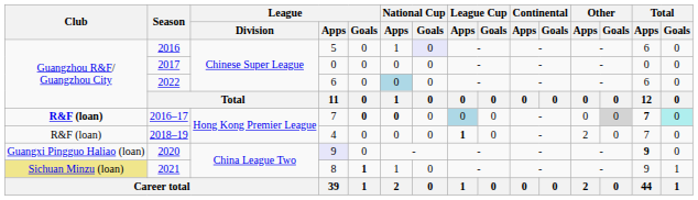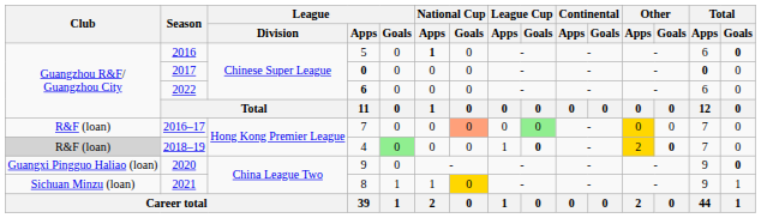 <table class="wikitable" style="text-align: center">
 <tr>
 <th rowspan="2">Club</th>
 <th rowspan="2">Season</th>
 <th colspan="3">League</th>
 <th colspan="2">National Cup</th>
 <th colspan="2">League Cup</th>
 <th colspan="2">Continental</th>
 <th colspan="2">Other</th>
 <th colspan="2">Total</th>
 </tr>
 <tr>
 <th>Division</th>
 <th>Apps</th>
 <th>Goals</th>
 <th>Apps</th>
 <th>Goals</th>
 <th>Apps</th>
 <th>Goals</th>
 <th>Apps</th>
 <th>Goals</th>
 <th>Apps</th>
 <th>Goals</th>
 <th>Apps</th>
 <th>Goals</th>
 </tr>
 <tr>
 <td rowspan=4><a href='#'>Guangzhou R&F</a>/ <br><a href='#'>Guangzhou City</a></td>
 <td><a href='#'>2016</a></td>
 <td rowspan=3><a href='#'>Chinese Super League</a></td>
 <td>5</td>
 <td>0</td>
-<td>1</td>
-<td style="background: lavender;">0</td>
+<td><strong>1</strong></td>
+<td>0</td>
 <td colspan="2">-</td>
 <td colspan="2">-</td>
 <td colspan="2">-</td>
 <td>6</td>
-<td>0</td>
+<td><strong>0</strong></td>
 </tr>
 <tr>
 <td><a href='#'>2017</a></td>
-<td>0</td>
+<td><strong>0</strong></td>
 <td>0</td>
 <td>0</td>
 <td>0</td>
 <td colspan="2">-</td>
 <td colspan="2">-</td>
 <td colspan="2">-</td>
-<td>0</td>
+<td><strong>0</strong></td>
 <td>0</td>
 </tr>
 <tr>
 <td><a href='#'>2022</a></td>
-<td>6</td>
+<td><strong>6</strong></td>
 <td>0</td>
-<td style="background: lightblue;">0</td>
+<td>0</td>
 <td>0</td>
 <td colspan="2">-</td>
 <td colspan="2">-</td>
 <td colspan="2">-</td>
 <td>6</td>
 <td>0</td>
 </tr>
 <tr>
 <th colspan="2"><strong>Total</strong></th>
 <th>11</th>
 <th>0</th>
 <th>1</th>
 <th>0</th>
 <th>0</th>
 <th>0</th>
 <th>0</th>
 <th>0</th>
 <th>0</th>
 <th>0</th>
 <th>12</th>
 <th>0</th>
 </tr>
 <tr>
-<td><strong><a href='#'>R&F</a> (loan)</strong></td>
+<td><a href='#'>R&F</a> (loan)</td>
 <td><a href='#'>2016–17</a></td>
 <td rowspan=2><a href='#'>Hong Kong Premier League</a></td>
 <td>7</td>
-<td><strong>0</strong></td>
-<td><strong>0</strong></td>
 <td>0</td>
-<td style="background: lightblue;">0</td>
 <td>0</td>
+<td style="background: lightsalmon;">0</td>
+<td>0</td>
+<td style="background: lightgreen;">0</td>
 <td colspan="2">-</td>
+<td style="background: gold;">0</td>
 <td>0</td>
-<td style="background: lightgrey;">0</td>
-<td><strong>7</strong></td>
-<td style="background: paleturquoise;">0</td>
+<td>7</td>
+<td>0</td>
 </tr>
 <tr>
-<td>R&F (loan)</td>
+<td style="background: lightgrey;">R&F (loan)</td>
 <td><a href='#'>2018–19</a></td>
 <td>4</td>
+<td style="background: lightgreen;">0</td>
 <td>0</td>
 <td>0</td>
-<td>0</td>
-<td><strong>1</strong></td>
-<td>0</td>
+<td>1</td>
+<td><strong>0</strong></td>
 <td colspan="2">-</td>
-<td>2</td>
-<td>0</td>
+<td style="background: gold;">2</td>
+<td><strong>0</strong></td>
 <td>7</td>
 <td>0</td>
 </tr>
 <tr>
 <td><a href='#'>Guangxi Pingguo Haliao</a> (loan)</td>
 <td><a href='#'>2020</a></td>
 <td rowspan=2><a href='#'>China League Two</a></td>
-<td style="background: lavender;">9</td>
+<td>9</td>
 <td>0</td>
 <td colspan="2">-</td>
 <td colspan="2">-</td>
 <td colspan="2">-</td>
 <td colspan="2">-</td>
-<td><strong>9</strong></td>
-<td>0</td>
+<td>9</td>
+<td><strong>0</strong></td>
 </tr>
 <tr>
-<td style="background: khaki;"><a href='#'>Sichuan Minzu</a> (loan)</td>
+<td><a href='#'>Sichuan Minzu</a> (loan)</td>
 <td><a href='#'>2021</a></td>
 <td>8</td>
-<td><strong>1</strong></td>
 <td>1</td>
-<td>0</td>
+<td>1</td>
+<td style="background: gold;">0</td>
 <td colspan="2">-</td>
 <td colspan="2">-</td>
 <td colspan="2">-</td>
 <td>9</td>
 <td>1</td>
 </tr>
 <tr>
 <th colspan=3>Career total</th>
 <th>39</th>
 <th>1</th>
 <th>2</th>
 <th>0</th>
 <th>1</th>
 <th>0</th>
 <th>0</th>
 <th>0</th>
 <th>2</th>
 <th>0</th>
 <th>44</th>
 <th>1</th>
 </tr>
 </table>
